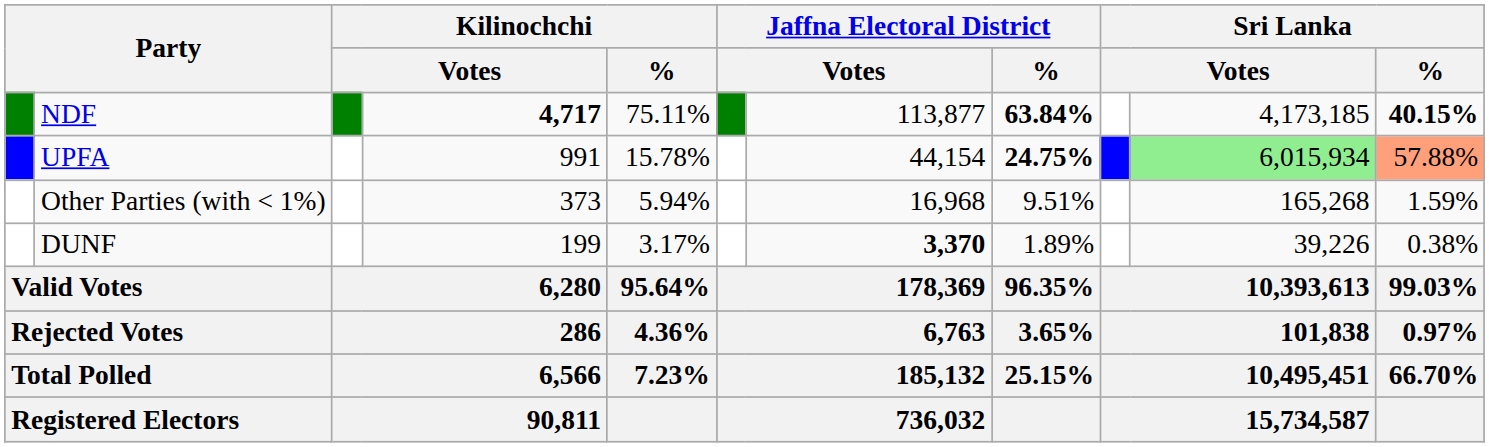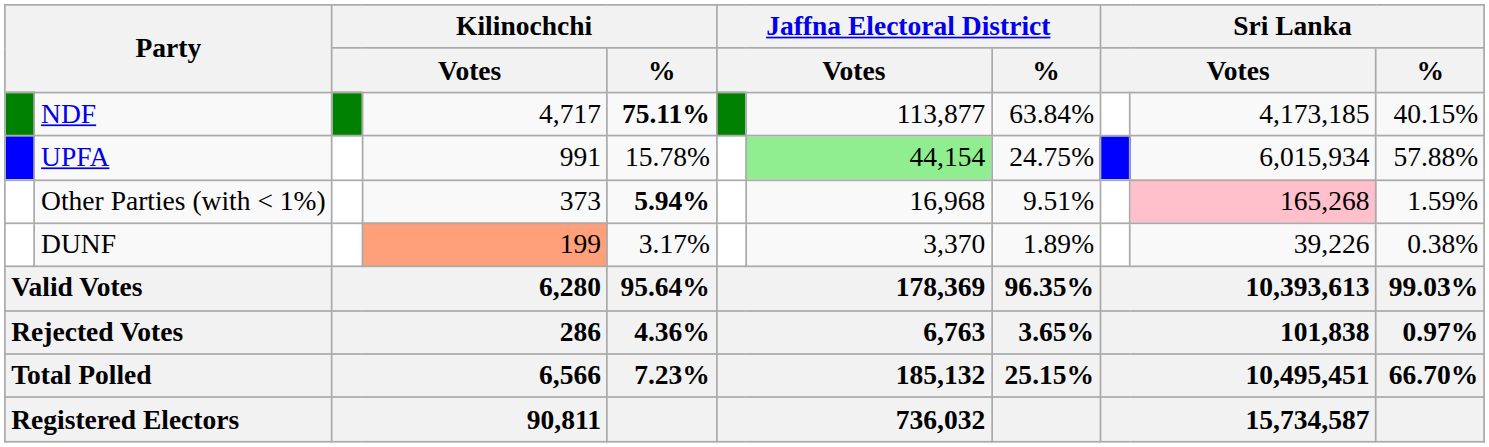 <table class="wikitable">
 <tr>
 <th colspan="2" width="144px"rowspan="2">Party</th>
 <th colspan="3" width="216px">Kilinochchi</th>
 <th colspan="3" width="216px"><a href='#'>Jaffna Electoral District</a></th>
 <th colspan="3" width="216px">Sri Lanka</th>
 </tr>
 <tr>
 <th colspan="2" width="144px">Votes</th>
 <th>%</th>
 <th colspan="2" width="144px">Votes</th>
 <th>%</th>
 <th colspan="2" width="144px">Votes</th>
 <th>%</th>
 </tr>
 <tr>
 <td style="background-color:green;" width="10px"></td>
 <td style="text-align:left;"><a href='#'>NDF</a></td>
 <td style="background-color:green;" width="10px"></td>
-<td style="text-align:right;"><strong>4,717</strong></td>
-<td style="text-align:right;">75.11%</td>
+<td style="text-align:right;">4,717</td>
+<td style="text-align:right;"><strong>75.11%</strong></td>
 <td style="background-color:green;" width="10px"></td>
 <td style="text-align:right;">113,877</td>
-<td style="text-align:right;"><strong>63.84%</strong></td>
+<td style="text-align:right;">63.84%</td>
 <td style="background-color:white;" width="10px"></td>
 <td style="text-align:right;">4,173,185</td>
-<td style="text-align:right;"><strong>40.15%</strong></td>
+<td style="text-align:right;">40.15%</td>
 </tr>
 <tr>
 <td style="background-color:blue;" width="10px"></td>
 <td style="text-align:left;"><a href='#'>UPFA</a></td>
 <td style="background-color:white;" width="10px"></td>
 <td style="text-align:right;">991</td>
 <td style="text-align:right;">15.78%</td>
 <td style="background-color:white;" width="10px"></td>
-<td style="text-align:right;">44,154</td>
-<td style="text-align:right;"><strong>24.75%</strong></td>
+<td style="background: lightgreen; text-align:right;">44,154</td>
+<td style="text-align:right;">24.75%</td>
 <td style="background-color:blue;" width="10px"></td>
-<td style="background: lightgreen; text-align:right;">6,015,934</td>
-<td style="background: lightsalmon; text-align:right;">57.88%</td>
+<td style="text-align:right;">6,015,934</td>
+<td style="text-align:right;">57.88%</td>
 </tr>
 <tr>
 <td style="background-color:white;" width="10px"></td>
 <td style="text-align:left;">Other Parties (with < 1%)</td>
 <td style="background-color:white;" width="10px"></td>
 <td style="text-align:right;">373</td>
-<td style="text-align:right;">5.94%</td>
+<td style="text-align:right;"><strong>5.94%</strong></td>
 <td style="background-color:white;" width="10px"></td>
 <td style="text-align:right;">16,968</td>
 <td style="text-align:right;">9.51%</td>
 <td style="background-color:white;" width="10px"></td>
-<td style="text-align:right;">165,268</td>
+<td style="background: pink; text-align:right;">165,268</td>
 <td style="text-align:right;">1.59%</td>
 </tr>
 <tr>
 <td style="background-color:white;" width="10px"></td>
 <td style="text-align:left;">DUNF</td>
 <td style="background-color:white;" width="10px"></td>
-<td style="text-align:right;">199</td>
+<td style="background: lightsalmon; text-align:right;">199</td>
 <td style="text-align:right;">3.17%</td>
 <td style="background-color:white;" width="10px"></td>
-<td style="text-align:right;"><strong>3,370</strong></td>
+<td style="text-align:right;">3,370</td>
 <td style="text-align:right;">1.89%</td>
 <td style="background-color:white;" width="10px"></td>
 <td style="text-align:right;">39,226</td>
 <td style="text-align:right;">0.38%</td>
 </tr>
 <tr>
 <th colspan="2" width="144px"style="text-align:left;">Valid Votes</th>
 <th style="text-align:right;"colspan="2" width="144px">6,280</th>
 <th style="text-align:right;">95.64%</th>
 <th style="text-align:right;"colspan="2" width="144px">178,369</th>
 <th style="text-align:right;">96.35%</th>
 <th style="text-align:right;"colspan="2" width="144px">10,393,613</th>
 <th style="text-align:right;">99.03%</th>
 </tr>
 <tr>
 <th colspan="2" width="144px"style="text-align:left;">Rejected Votes</th>
 <th style="text-align:right;"colspan="2" width="144px">286</th>
 <th style="text-align:right;">4.36%</th>
 <th style="text-align:right;"colspan="2" width="144px">6,763</th>
 <th style="text-align:right;">3.65%</th>
 <th style="text-align:right;"colspan="2" width="144px">101,838</th>
 <th style="text-align:right;">0.97%</th>
 </tr>
 <tr>
 <th colspan="2" width="144px"style="text-align:left;">Total Polled</th>
 <th style="text-align:right;"colspan="2" width="144px">6,566</th>
 <th style="text-align:right;">7.23%</th>
 <th style="text-align:right;"colspan="2" width="144px">185,132</th>
 <th style="text-align:right;">25.15%</th>
 <th style="text-align:right;"colspan="2" width="144px">10,495,451</th>
 <th style="text-align:right;">66.70%</th>
 </tr>
 <tr>
 <th colspan="2" width="144px"style="text-align:left;">Registered Electors</th>
 <th style="text-align:right;"colspan="2" width="144px">90,811</th>
 <th></th>
 <th style="text-align:right;"colspan="2" width="144px">736,032</th>
 <th></th>
 <th style="text-align:right;"colspan="2" width="144px">15,734,587</th>
 <th></th>
 </tr>
 </table>
